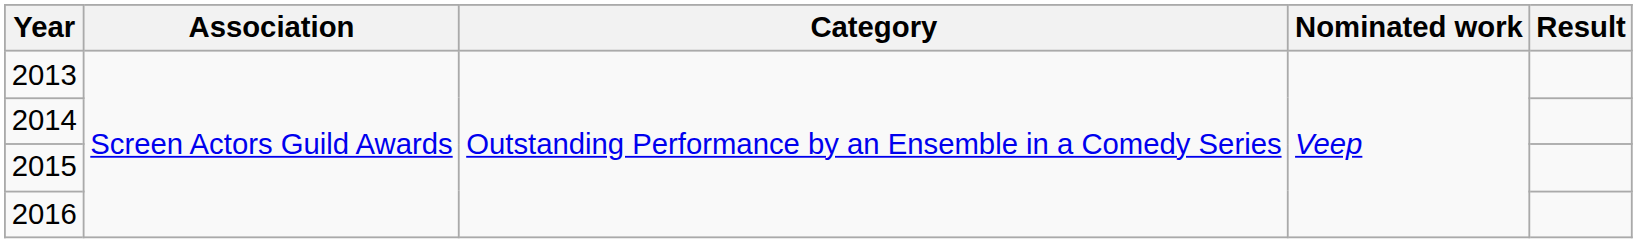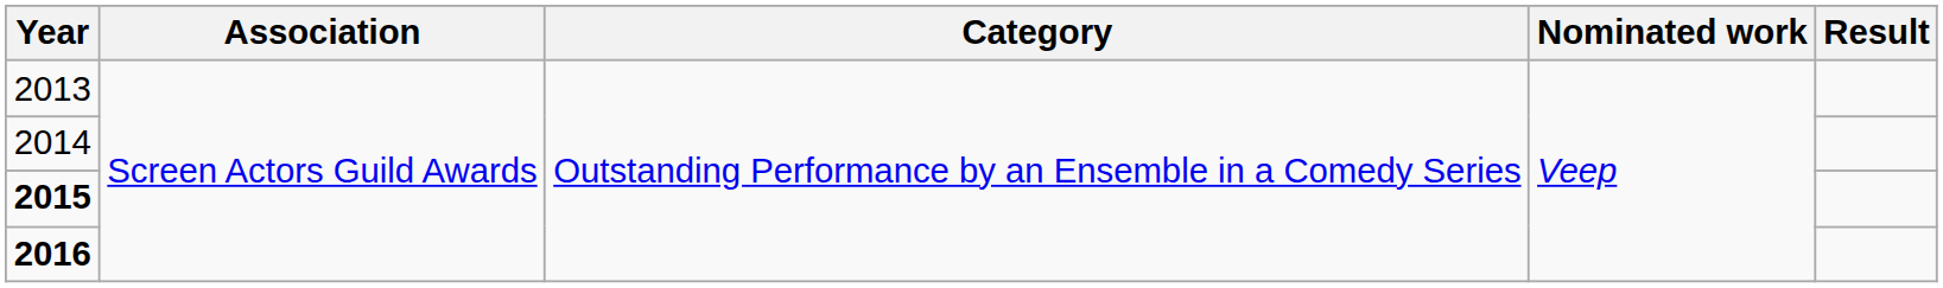 <table class="wikitable sortable">
 <tr>
 <th>Year</th>
 <th>Association</th>
 <th>Category</th>
 <th>Nominated work</th>
 <th>Result</th>
 </tr>
 <tr>
 <td>2013</td>
 <td rowspan="4"><a href='#'>Screen Actors Guild Awards</a></td>
 <td rowspan="4"><a href='#'>Outstanding Performance by an Ensemble in a Comedy Series</a></td>
 <td rowspan="4"><em><a href='#'>Veep</a></em></td>
 <td></td>
 </tr>
 <tr>
 <td>2014</td>
 <td></td>
 </tr>
 <tr>
-<td>2015</td>
+<td><strong>2015</strong></td>
 <td></td>
 </tr>
 <tr>
-<td>2016</td>
+<td><strong>2016</strong></td>
 <td></td>
 </tr>
 </table>
